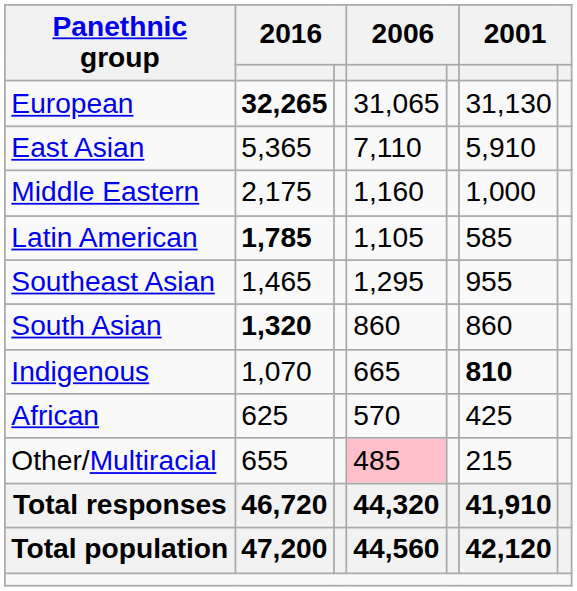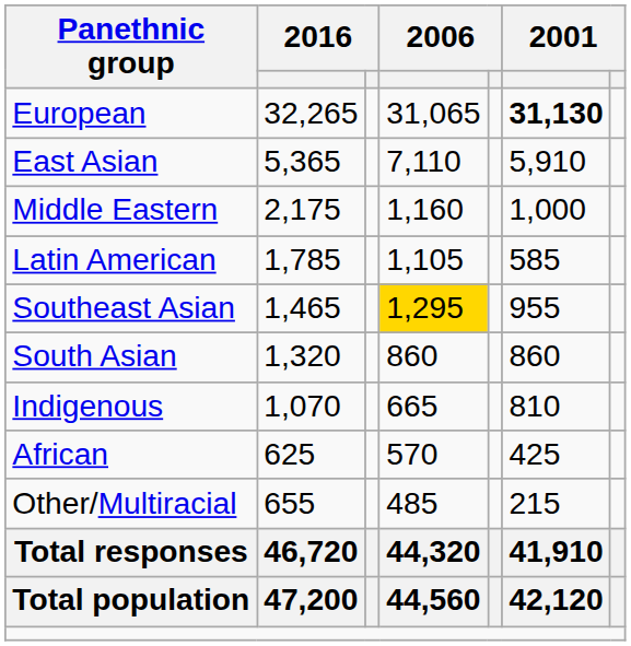 <table class="wikitable sortable">
 <tr>
 <th rowspan="2"><a href='#'>Panethnic</a><br>group</th>
 <th colspan="2">2016</th>
 <th colspan="2">2006</th>
 <th colspan="2">2001</th>
 </tr>
 <tr>
 <th><a href='#'></a></th>
 <th></th>
 <th></th>
 <th></th>
 <th></th>
 <th></th>
 </tr>
 <tr>
 <td><a href='#'>European</a></td>
-<td><strong>32,265</strong></td>
+<td>32,265</td>
 <td></td>
 <td>31,065</td>
 <td></td>
-<td>31,130</td>
+<td><strong>31,130</strong></td>
 <td></td>
 </tr>
 <tr>
 <td><a href='#'>East Asian</a></td>
 <td>5,365</td>
 <td></td>
 <td>7,110</td>
 <td></td>
 <td>5,910</td>
 <td></td>
 </tr>
 <tr>
 <td><a href='#'>Middle Eastern</a></td>
 <td>2,175</td>
 <td></td>
 <td>1,160</td>
 <td></td>
 <td>1,000</td>
 <td></td>
 </tr>
 <tr>
 <td><a href='#'>Latin American</a></td>
-<td><strong>1,785</strong></td>
+<td>1,785</td>
 <td></td>
 <td>1,105</td>
 <td></td>
 <td>585</td>
 <td></td>
 </tr>
 <tr>
 <td><a href='#'>Southeast Asian</a></td>
 <td>1,465</td>
 <td></td>
-<td>1,295</td>
+<td style="background: gold;">1,295</td>
 <td></td>
 <td>955</td>
 <td></td>
 </tr>
 <tr>
 <td><a href='#'>South Asian</a></td>
-<td><strong>1,320</strong></td>
+<td>1,320</td>
 <td></td>
 <td>860</td>
 <td></td>
 <td>860</td>
 <td></td>
 </tr>
 <tr>
 <td><a href='#'>Indigenous</a></td>
 <td>1,070</td>
 <td></td>
 <td>665</td>
 <td></td>
-<td><strong>810</strong></td>
+<td>810</td>
 <td></td>
 </tr>
 <tr>
 <td><a href='#'>African</a></td>
 <td>625</td>
 <td></td>
 <td>570</td>
 <td></td>
 <td>425</td>
 <td></td>
 </tr>
 <tr>
 <td>Other/<a href='#'>Multiracial</a></td>
 <td>655</td>
 <td></td>
-<td style="background: pink;">485</td>
+<td>485</td>
 <td></td>
 <td>215</td>
 <td></td>
 </tr>
 <tr>
 <th>Total responses</th>
 <th>46,720</th>
 <th></th>
 <th>44,320</th>
 <th></th>
 <th>41,910</th>
 <th></th>
 </tr>
 <tr>
 <th>Total population</th>
 <th>47,200</th>
 <th></th>
 <th>44,560</th>
 <th></th>
 <th>42,120</th>
 <th></th>
 </tr>
 <tr class="sortbottom">
 <td colspan="10"></td>
 </tr>
 </table>
